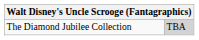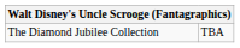 <table class="wikitable">
 <tr>
 <th colspan="2">Walt Disney's Uncle Scrooge (Fantagraphics)</th>
 </tr>
 <tr>
 <td valign="top">The Diamond Jubilee Collection</td>
-<td valign="top" style="background: lightgrey;">TBA</td>
+<td valign="top">TBA</td>
 </tr>
 </table>
